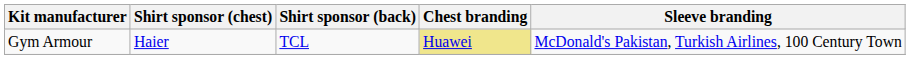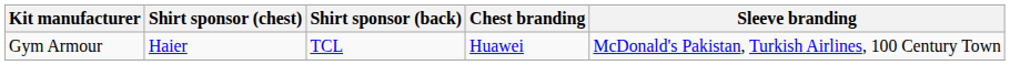 <table class="wikitable">
 <tr>
 <th>Kit manufacturer</th>
 <th>Shirt sponsor (chest)</th>
 <th>Shirt sponsor (back)</th>
 <th>Chest branding</th>
 <th>Sleeve branding</th>
 </tr>
 <tr>
 <td>Gym Armour</td>
 <td><a href='#'>Haier</a></td>
 <td><a href='#'>TCL</a></td>
-<td style="background: khaki;"><a href='#'>Huawei</a></td>
+<td><a href='#'>Huawei</a></td>
 <td><a href='#'>McDonald's Pakistan</a>, <a href='#'>Turkish Airlines</a>, 100 Century Town</td>
 </tr>
 <tr>
 </tr>
 </table>
